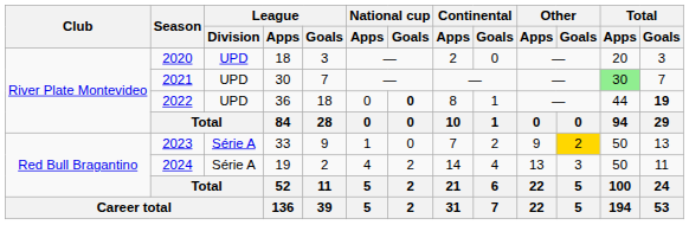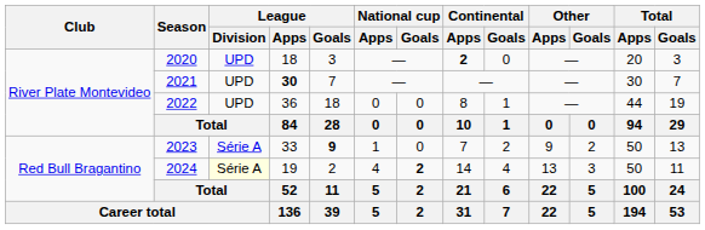 <table class="wikitable" Style="text-align: center">
 <tr>
 <th rowspan="2">Club</th>
 <th rowspan="2">Season</th>
 <th colspan="3">League</th>
 <th colspan="2">National cup</th>
 <th colspan="2">Continental</th>
 <th colspan="2">Other</th>
 <th colspan="2">Total</th>
 </tr>
 <tr>
 <th>Division</th>
 <th>Apps</th>
 <th>Goals</th>
 <th>Apps</th>
 <th>Goals</th>
 <th>Apps</th>
 <th>Goals</th>
 <th>Apps</th>
 <th>Goals</th>
 <th>Apps</th>
 <th>Goals</th>
 </tr>
 <tr>
 <td rowspan="4"><a href='#'>River Plate Montevideo</a></td>
 <td><a href='#'>2020</a></td>
 <td><a href='#'>UPD</a></td>
 <td>18</td>
 <td>3</td>
 <td colspan="2">—</td>
-<td>2</td>
+<td><strong>2</strong></td>
 <td>0</td>
 <td colspan="2">—</td>
 <td>20</td>
 <td>3</td>
 </tr>
 <tr>
 <td><a href='#'>2021</a></td>
 <td>UPD</td>
-<td>30</td>
+<td><strong>30</strong></td>
 <td>7</td>
 <td colspan="2">—</td>
 <td colspan="2">—</td>
 <td colspan="2">—</td>
-<td style="background: lightgreen;">30</td>
+<td>30</td>
 <td>7</td>
 </tr>
 <tr>
 <td><a href='#'>2022</a></td>
 <td>UPD</td>
 <td>36</td>
 <td>18</td>
 <td>0</td>
-<td><strong>0</strong></td>
+<td>0</td>
 <td>8</td>
 <td>1</td>
 <td colspan="2">—</td>
 <td>44</td>
-<td><strong>19</strong></td>
+<td>19</td>
 </tr>
 <tr>
 <th colspan="2">Total</th>
 <th>84</th>
 <th>28</th>
 <th>0</th>
 <th>0</th>
 <th>10</th>
 <th>1</th>
 <th>0</th>
 <th>0</th>
 <th>94</th>
 <th>29</th>
 </tr>
 <tr>
 <td rowspan="3"><a href='#'>Red Bull Bragantino</a></td>
 <td><a href='#'>2023</a></td>
 <td><a href='#'>Série A</a></td>
 <td>33</td>
-<td>9</td>
+<td><strong>9</strong></td>
 <td>1</td>
 <td>0</td>
 <td>7</td>
 <td>2</td>
 <td>9</td>
-<td style="background: gold;">2</td>
+<td>2</td>
 <td>50</td>
 <td>13</td>
 </tr>
 <tr>
 <td><a href='#'>2024</a></td>
-<td>Série A</td>
+<td style="background: lightyellow;">Série A</td>
 <td>19</td>
 <td>2</td>
 <td>4</td>
-<td>2</td>
+<td><strong>2</strong></td>
 <td>14</td>
 <td>4</td>
 <td>13</td>
 <td>3</td>
 <td>50</td>
 <td>11</td>
 </tr>
 <tr>
 <th colspan="2">Total</th>
 <th>52</th>
 <th>11</th>
 <th>5</th>
 <th>2</th>
 <th>21</th>
 <th>6</th>
 <th>22</th>
 <th>5</th>
 <th>100</th>
 <th>24</th>
 </tr>
 <tr>
 <th colspan="3">Career total</th>
 <th>136</th>
 <th>39</th>
 <th>5</th>
 <th>2</th>
 <th>31</th>
 <th>7</th>
 <th>22</th>
 <th>5</th>
 <th>194</th>
 <th>53</th>
 </tr>
 </table>
